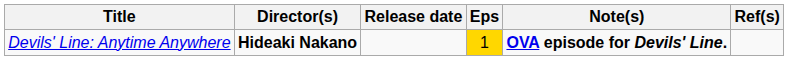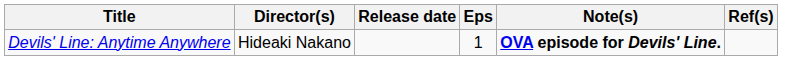 <table class="wikitable sortable">
 <tr>
 <th scope="col">Title</th>
 <th scope="col">Director(s)</th>
 <th scope="col">Release date</th>
 <th scope="col" class="unsortable">Eps</th>
 <th scope="col" class="unsortable">Note(s)</th>
 <th scope="col" class="unsortable">Ref(s)</th>
 </tr>
 <tr>
 <td><em><a href='#'>Devils' Line: Anytime Anywhere</a></em></td>
-<td><strong>Hideaki Nakano</strong></td>
+<td>Hideaki Nakano</td>
 <td></td>
-<td style="background: gold; text-align:center">1</td>
+<td style="text-align:center">1</td>
 <td><strong><a href='#'>OVA</a> episode for <em>Devils' Line</em>.</strong></td>
 <td style="text-align:center"></td>
 </tr>
 <tr>
 </tr>
 </table>
